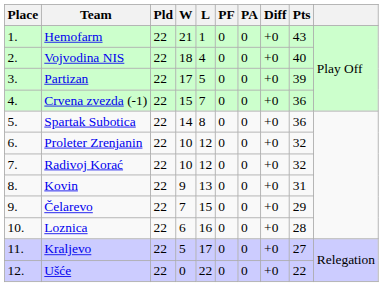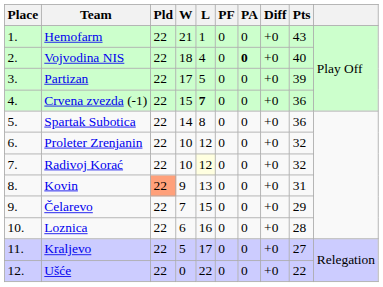 <table class="wikitable">
 <tr>
 <th>Place</th>
 <th>Team</th>
 <th>Pld</th>
 <th>W</th>
 <th>L</th>
 <th>PF</th>
 <th>PA</th>
 <th>Diff</th>
 <th>Pts</th>
 <th></th>
 </tr>
 <tr bgcolor=#ccffcc>
 <td>1.</td>
 <td><a href='#'>Hemofarm</a></td>
 <td>22</td>
 <td>21</td>
 <td>1</td>
 <td>0</td>
 <td>0</td>
 <td>+0</td>
 <td>43</td>
 <td rowspan="4">Play Off</td>
 </tr>
 <tr bgcolor=#ccffcc>
 <td>2.</td>
 <td><a href='#'>Vojvodina NIS</a></td>
 <td>22</td>
 <td>18</td>
 <td>4</td>
 <td>0</td>
-<td>0</td>
+<td><strong>0</strong></td>
 <td>+0</td>
 <td>40</td>
 </tr>
 <tr bgcolor=#ccffcc>
 <td>3.</td>
 <td><a href='#'>Partizan</a></td>
 <td>22</td>
 <td>17</td>
 <td>5</td>
 <td>0</td>
 <td>0</td>
 <td>+0</td>
 <td>39</td>
 </tr>
 <tr bgcolor=#ccffcc>
 <td>4.</td>
 <td><a href='#'>Crvena zvezda</a> (-1)</td>
 <td>22</td>
 <td>15</td>
-<td>7</td>
+<td><strong>7</strong></td>
 <td>0</td>
 <td>0</td>
 <td>+0</td>
 <td>36</td>
 </tr>
 <tr>
 <td>5.</td>
 <td><a href='#'>Spartak Subotica</a></td>
 <td>22</td>
 <td>14</td>
 <td>8</td>
 <td>0</td>
 <td>0</td>
 <td>+0</td>
 <td>36</td>
 <td rowspan="6"></td>
 </tr>
 <tr>
 <td>6.</td>
 <td><a href='#'>Proleter Zrenjanin</a></td>
 <td>22</td>
 <td>10</td>
 <td>12</td>
 <td>0</td>
 <td>0</td>
 <td>+0</td>
 <td>32</td>
 </tr>
 <tr>
 <td>7.</td>
 <td><a href='#'>Radivoj Korać</a></td>
 <td>22</td>
 <td>10</td>
-<td>12</td>
+<td style="background: lightyellow;">12</td>
 <td>0</td>
 <td>0</td>
 <td>+0</td>
 <td>32</td>
 </tr>
 <tr>
 <td>8.</td>
 <td><a href='#'>Kovin</a></td>
-<td>22</td>
+<td style="background: lightsalmon;">22</td>
 <td>9</td>
 <td>13</td>
 <td>0</td>
 <td>0</td>
 <td>+0</td>
 <td>31</td>
 </tr>
 <tr>
 <td>9.</td>
 <td><a href='#'>Čelarevo</a></td>
 <td>22</td>
 <td>7</td>
 <td>15</td>
 <td>0</td>
 <td>0</td>
 <td>+0</td>
 <td>29</td>
 </tr>
 <tr>
 <td>10.</td>
 <td><a href='#'>Loznica</a></td>
 <td>22</td>
 <td>6</td>
 <td>16</td>
 <td>0</td>
 <td>0</td>
 <td>+0</td>
 <td>28</td>
 </tr>
 <tr style="background:#CCCCFF;">
 <td>11.</td>
 <td><a href='#'>Kraljevo</a></td>
 <td>22</td>
 <td>5</td>
 <td>17</td>
 <td>0</td>
 <td>0</td>
 <td>+0</td>
 <td>27</td>
 <td rowspan="2">Relegation</td>
 </tr>
 <tr style="background:#CCCCFF;">
 <td>12.</td>
 <td><a href='#'>Ušće</a></td>
 <td>22</td>
 <td>0</td>
 <td>22</td>
 <td>0</td>
 <td>0</td>
 <td>+0</td>
 <td>22</td>
 </tr>
 </table>
